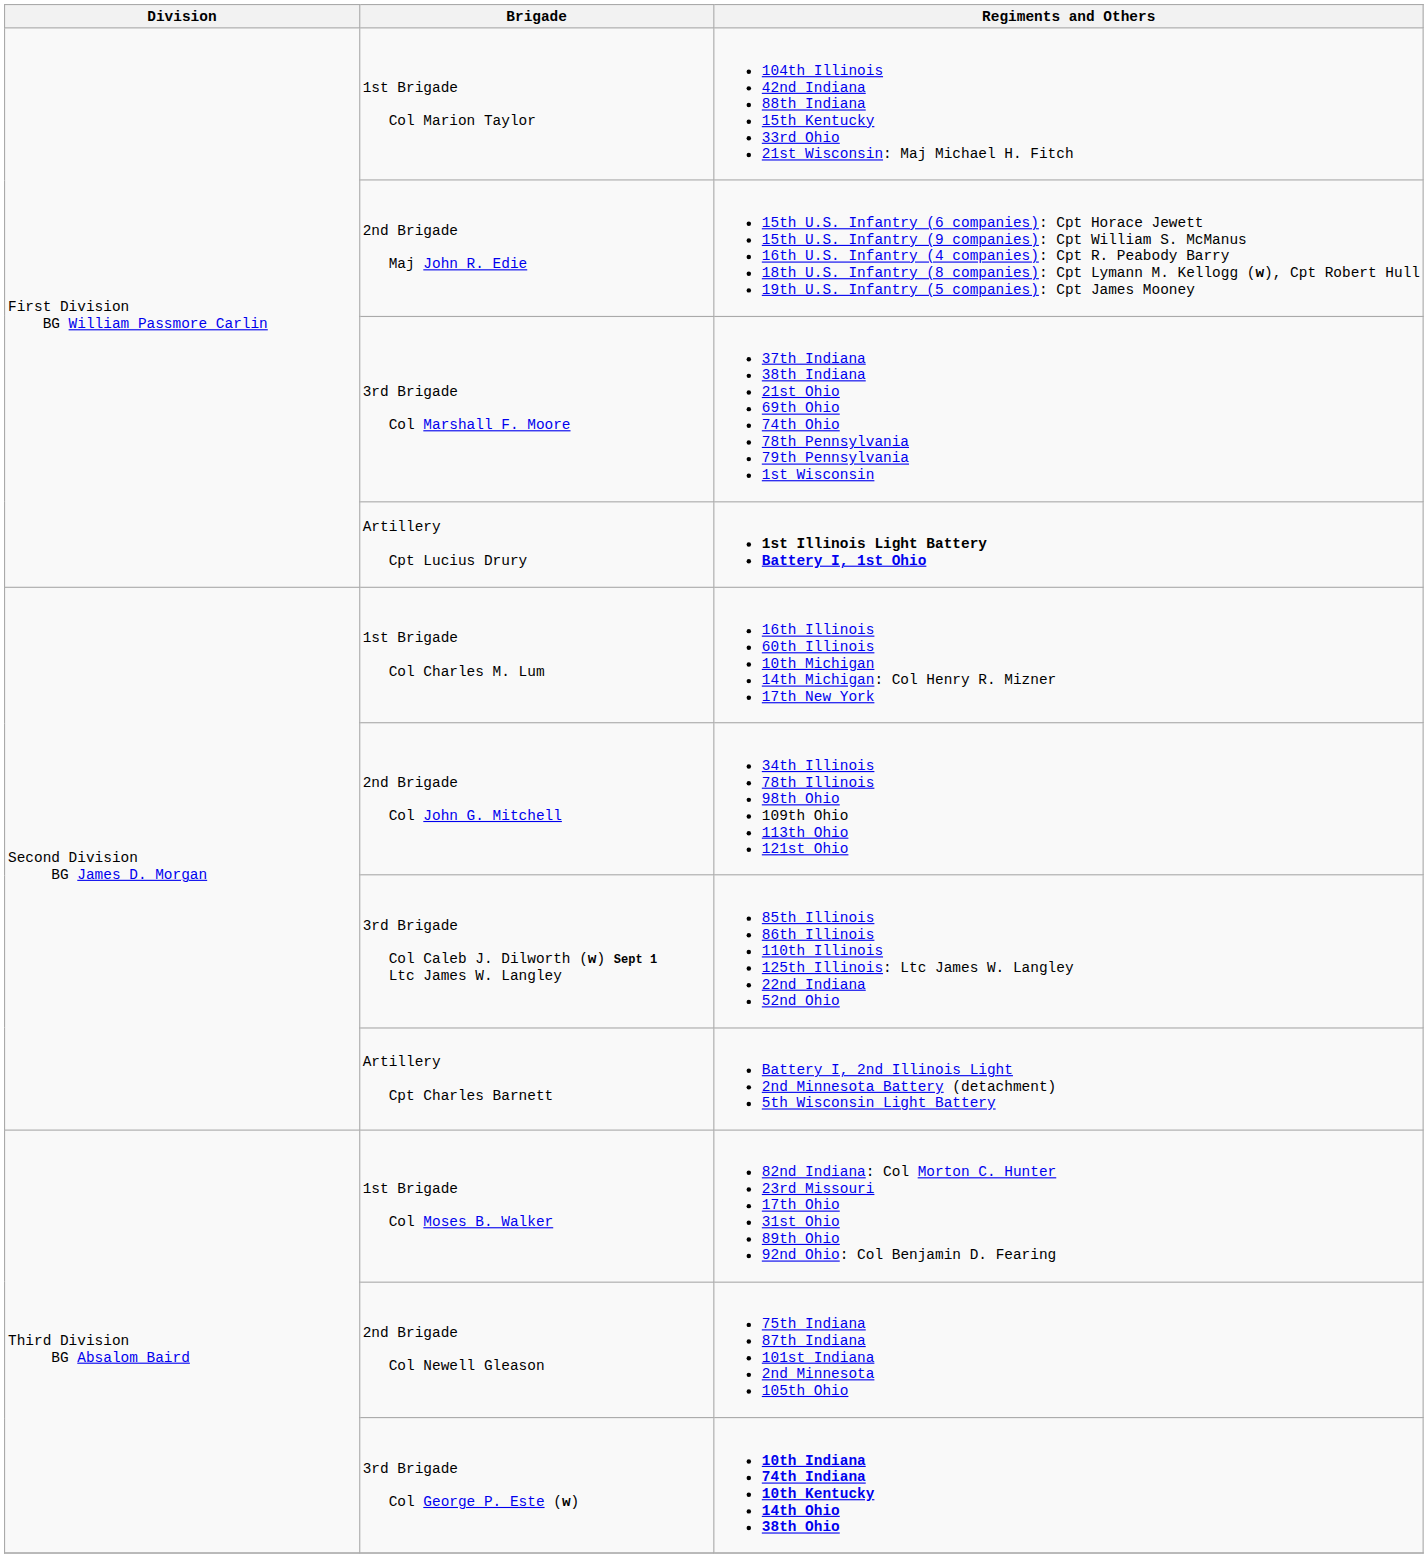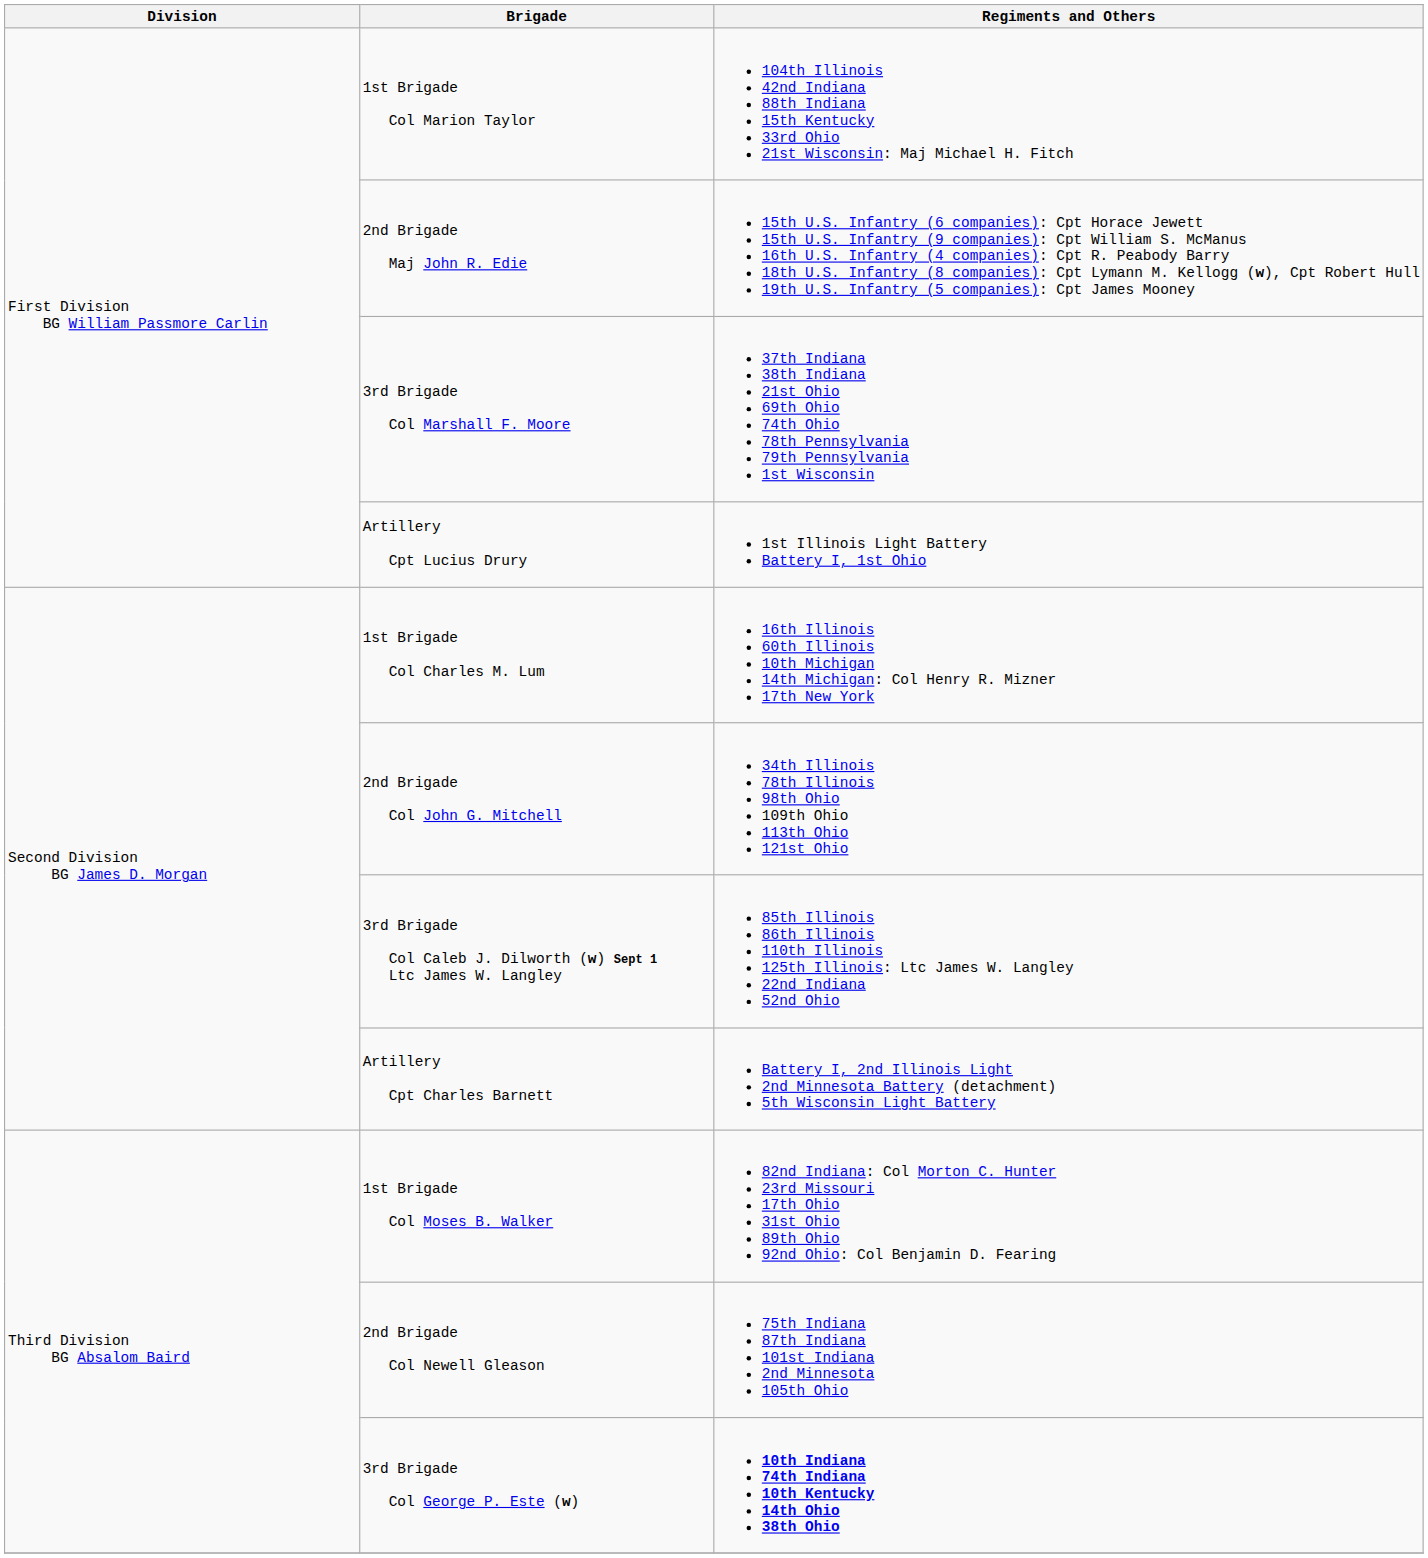 <table class="wikitable">
 <tr>
 <th width=25%>Division</th>
 <th width=25%>Brigade</th>
 <th>Regiments and Others</th>
 </tr>
 <tr>
 <td rowspan=4><br>First Division <br>    BG <a href='#'>William Passmore Carlin</a></td>
 <td>1st Brigade<br><br>   Col Marion Taylor</td>
 <td><br><ul><li><a href='#'>104th Illinois</a></li><li><a href='#'>42nd Indiana</a></li><li><a href='#'>88th Indiana</a></li><li><a href='#'>15th Kentucky</a></li><li><a href='#'>33rd Ohio</a></li><li><a href='#'>21st Wisconsin</a>: Maj Michael H. Fitch</li></ul></td>
 </tr>
 <tr>
 <td>2nd Brigade<br><br>   Maj <a href='#'>John R. Edie</a></td>
 <td><br><ul><li><a href='#'>15th U.S. Infantry (6 companies)</a>: Cpt Horace Jewett</li><li><a href='#'>15th U.S. Infantry (9 companies)</a>: Cpt William S. McManus</li><li><a href='#'>16th U.S. Infantry (4 companies)</a>: Cpt R. Peabody Barry</li><li><a href='#'>18th U.S. Infantry (8 companies)</a>: Cpt Lymann M. Kellogg (<strong>w</strong>), Cpt Robert Hull</li><li><a href='#'>19th U.S. Infantry (5 companies)</a>: Cpt James Mooney</li></ul></td>
 </tr>
 <tr>
 <td>3rd Brigade<br><br>   Col <a href='#'>Marshall F. Moore</a></td>
 <td><br><ul><li><a href='#'>37th Indiana</a></li><li><a href='#'>38th Indiana</a></li><li><a href='#'>21st Ohio</a></li><li><a href='#'>69th Ohio</a></li><li><a href='#'>74th Ohio</a></li><li><a href='#'>78th Pennsylvania</a></li><li><a href='#'>79th Pennsylvania</a></li><li><a href='#'>1st Wisconsin</a></li></ul></td>
 </tr>
 <tr>
 <td>Artillery<br><br>   Cpt Lucius Drury</td>
-<td><strong><br><ul><li>1st Illinois Light Battery</li><li><a href='#'>Battery I, 1st Ohio</a></li></ul></strong></td>
+<td><br><ul><li>1st Illinois Light Battery</li><li><a href='#'>Battery I, 1st Ohio</a></li></ul></td>
 </tr>
 <tr>
 <td rowspan=4><br>Second Division <br>     BG <a href='#'>James D. Morgan</a></td>
 <td>1st Brigade<br><br>   Col Charles M. Lum</td>
 <td><br><ul><li><a href='#'>16th Illinois</a></li><li><a href='#'>60th Illinois</a></li><li><a href='#'>10th Michigan</a></li><li><a href='#'>14th Michigan</a>: Col Henry R. Mizner</li><li><a href='#'>17th New York</a></li></ul></td>
 </tr>
 <tr>
 <td>2nd Brigade<br><br>   Col <a href='#'>John G. Mitchell</a></td>
 <td><br><ul><li><a href='#'>34th Illinois</a></li><li><a href='#'>78th Illinois</a></li><li><a href='#'>98th Ohio</a></li><li>109th Ohio</li><li><a href='#'>113th Ohio</a></li><li><a href='#'>121st Ohio</a></li></ul></td>
 </tr>
 <tr>
 <td>3rd Brigade<br><br>   Col Caleb J. Dilworth (<strong>w</strong>) <small><strong>Sept 1</strong></small><br>   Ltc James W. Langley</td>
 <td><br><ul><li><a href='#'>85th Illinois</a></li><li><a href='#'>86th Illinois</a></li><li><a href='#'>110th Illinois</a></li><li><a href='#'>125th Illinois</a>: Ltc James W. Langley</li><li><a href='#'>22nd Indiana</a></li><li><a href='#'>52nd Ohio</a></li></ul></td>
 </tr>
 <tr>
 <td>Artillery<br><br>   Cpt Charles Barnett</td>
 <td><br><ul><li><a href='#'>Battery I, 2nd Illinois Light</a></li><li><a href='#'>2nd Minnesota Battery</a> (detachment)</li><li><a href='#'>5th Wisconsin Light Battery</a></li></ul></td>
 </tr>
 <tr>
 <td rowspan=3><br>Third Division <br>     BG <a href='#'>Absalom Baird</a><br></td>
 <td>1st Brigade<br><br>   Col <a href='#'>Moses B. Walker</a></td>
 <td><br><ul><li><a href='#'>82nd Indiana</a>: Col <a href='#'>Morton C. Hunter</a></li><li><a href='#'>23rd Missouri</a></li><li><a href='#'>17th Ohio</a></li><li><a href='#'>31st Ohio</a></li><li><a href='#'>89th Ohio</a></li><li><a href='#'>92nd Ohio</a>: Col Benjamin D. Fearing</li></ul></td>
 </tr>
 <tr>
 <td>2nd Brigade<br><br>   Col Newell Gleason</td>
 <td><br><ul><li><a href='#'>75th Indiana</a></li><li><a href='#'>87th Indiana</a></li><li><a href='#'>101st Indiana</a></li><li><a href='#'>2nd Minnesota</a></li><li><a href='#'>105th Ohio</a></li></ul></td>
 </tr>
 <tr>
 <td>3rd Brigade<br><br>   Col <a href='#'>George P. Este</a> (<strong>w</strong>)</td>
 <td><strong><br><ul><li><a href='#'>10th Indiana</a></li><li><a href='#'>74th Indiana</a></li><li><a href='#'>10th Kentucky</a></li><li><a href='#'>14th Ohio</a></li><li><a href='#'>38th Ohio</a></li></ul></strong></td>
 </tr>
 <tr>
 </tr>
 </table>
